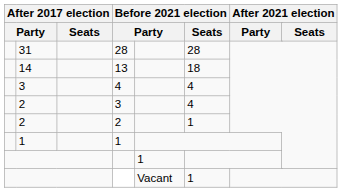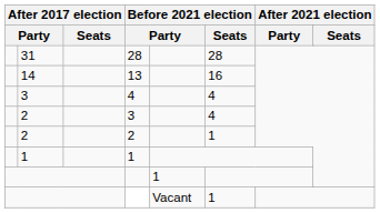 <table class="wikitable">
 <tr>
 <th colspan="3">After 2017 election</th>
 <th colspan="3">Before 2021 election</th>
 <th colspan="3">After 2021 election</th>
 </tr>
 <tr>
 <th colspan="2">Party</th>
 <th>Seats</th>
 <th colspan="2">Party</th>
 <th>Seats</th>
 <th colspan="2">Party</th>
 <th>Seats</th>
 </tr>
 <tr>
 <td></td>
 <td>31</td>
 <td></td>
 <td>28</td>
 <td></td>
 <td>28</td>
 </tr>
 <tr>
 <td></td>
 <td>14</td>
 <td></td>
 <td>13</td>
 <td></td>
-<td>18</td>
+<td>16</td>
 </tr>
 <tr>
 <td></td>
 <td>3</td>
 <td></td>
 <td>4</td>
 <td></td>
 <td>4</td>
 </tr>
 <tr>
 <td></td>
 <td>2</td>
 <td></td>
 <td>3</td>
 <td></td>
 <td>4</td>
 </tr>
 <tr>
 <td></td>
 <td>2</td>
 <td></td>
 <td>2</td>
 <td></td>
 <td>1</td>
 </tr>
 <tr>
 <td></td>
 <td>1</td>
 <td></td>
 <td>1</td>
 <td colspan="3"></td>
 </tr>
 <tr>
 <td colspan="3"></td>
 <td></td>
 <td>1</td>
 <td colspan="3"></td>
 </tr>
 <tr>
 <td colspan="3"></td>
 <td style="background-color: #FFFFFF"></td>
 <td>Vacant</td>
 <td>1</td>
 <td colspan="3"></td>
 </tr>
 </table>
